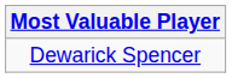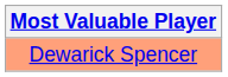 <table class=wikitable style="text-align:center">
 <tr>
 <th><a href='#'>Most Valuable Player</a></th>
 </tr>
 <tr>
-<td> <a href='#'>Dewarick Spencer</a></td>
+<td style="background: lightsalmon;"> <a href='#'>Dewarick Spencer</a></td>
 </tr>
 </table>
